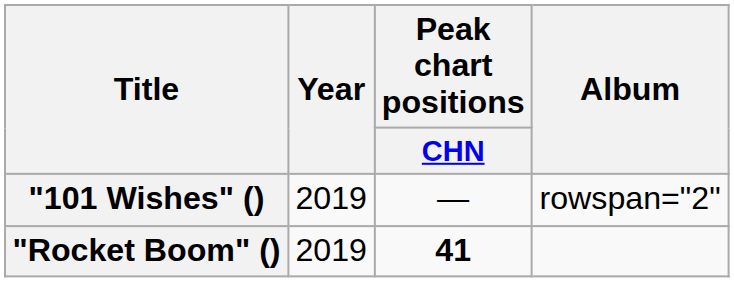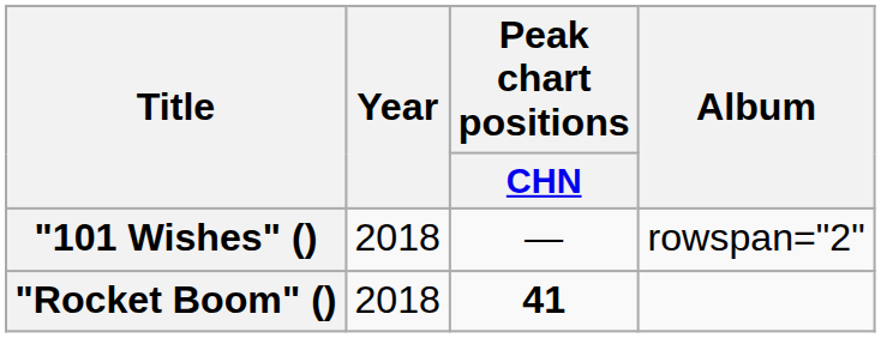 <table class="wikitable plainrowheaders" style="text-align:center;">
 <tr>
 <th scope="col" rowspan="2">Title</th>
 <th scope="col" rowspan="2">Year</th>
 <th colspan="1">Peak chart positions</th>
 <th scope="col" rowspan="2" scope="col">Album</th>
 </tr>
 <tr>
 <th scope="col" style="width:3em;font-size:90%;"><a href='#'>CHN</a></th>
 </tr>
 <tr>
 <th scope="row">"101 Wishes" ()</th>
-<td>2019</td>
+<td>2018</td>
 <td>—</td>
 <td>rowspan="2" </td>
 </tr>
 <tr>
 <th scope="row">"Rocket Boom" ()</th>
-<td>2019</td>
+<td>2018</td>
 <td><strong>41</strong></td>
 </tr>
 </table>
